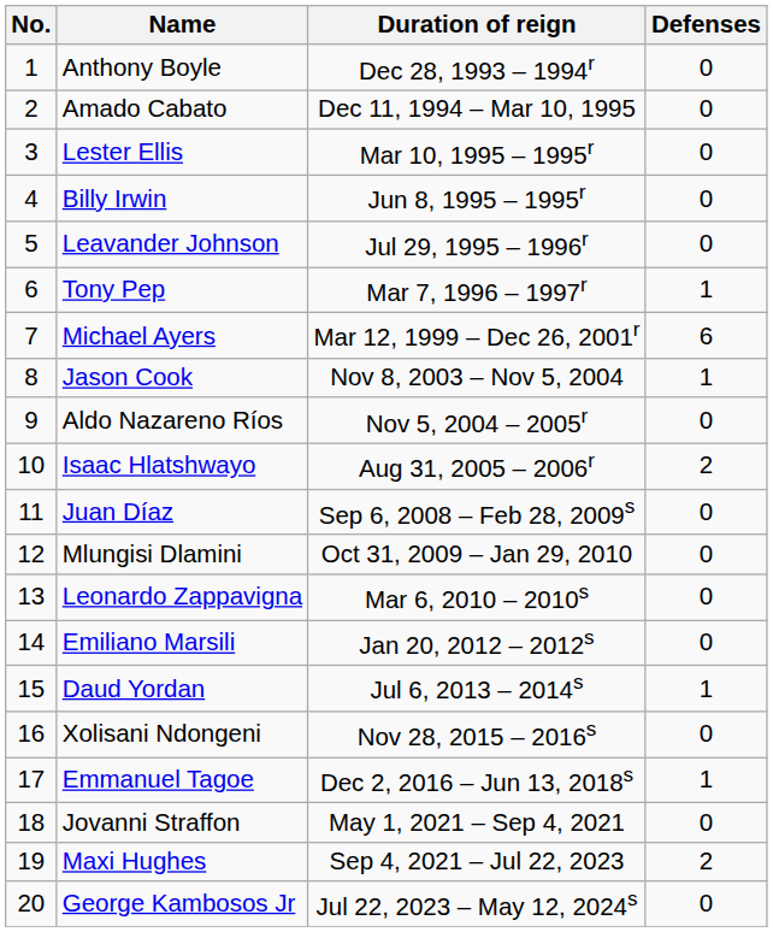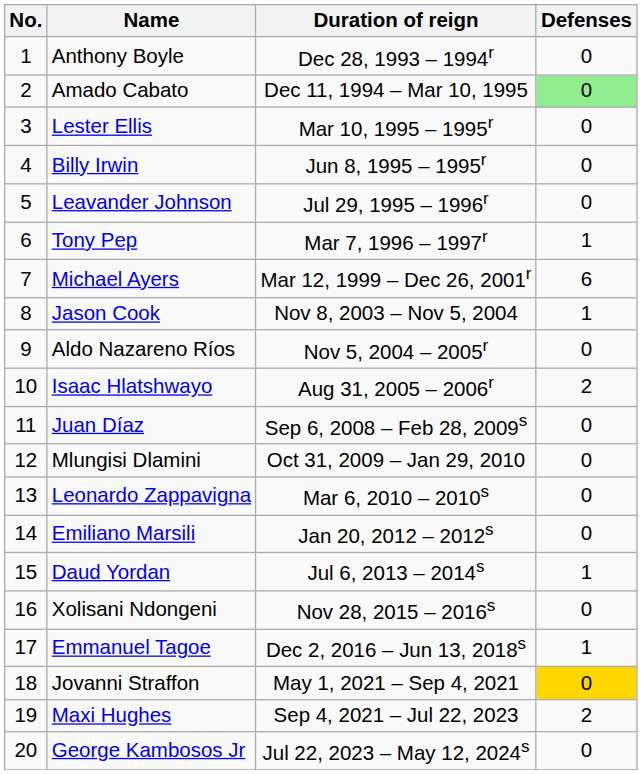 <table class="wikitable" style="text-align:center;">
 <tr>
 <th>No.</th>
 <th>Name</th>
 <th>Duration of reign</th>
 <th>Defenses</th>
 </tr>
 <tr>
 <td>1</td>
 <td align=left> Anthony Boyle</td>
 <td>Dec 28, 1993 – 1994<sup>r</sup></td>
 <td>0</td>
 </tr>
 <tr>
 <td>2</td>
 <td align=left> Amado Cabato</td>
 <td>Dec 11, 1994 – Mar 10, 1995</td>
-<td>0</td>
+<td style="background: lightgreen;">0</td>
 </tr>
 <tr>
 <td>3</td>
 <td align=left> <a href='#'>Lester Ellis</a></td>
 <td>Mar 10, 1995 – 1995<sup>r</sup></td>
 <td>0</td>
 </tr>
 <tr>
 <td>4</td>
 <td align=left> <a href='#'>Billy Irwin</a></td>
 <td>Jun 8, 1995 – 1995<sup>r</sup></td>
 <td>0</td>
 </tr>
 <tr>
 <td>5</td>
 <td align=left> <a href='#'>Leavander Johnson</a></td>
 <td>Jul 29, 1995 – 1996<sup>r</sup></td>
 <td>0</td>
 </tr>
 <tr>
 <td>6</td>
 <td align=left> <a href='#'>Tony Pep</a></td>
 <td>Mar 7, 1996 – 1997<sup>r</sup></td>
 <td>1</td>
 </tr>
 <tr>
 <td>7</td>
 <td align=left> <a href='#'>Michael Ayers</a></td>
 <td>Mar 12, 1999 – Dec 26, 2001<sup>r</sup></td>
 <td>6</td>
 </tr>
 <tr>
 <td>8</td>
 <td align=left> <a href='#'>Jason Cook</a></td>
 <td>Nov 8, 2003 – Nov 5, 2004</td>
 <td>1</td>
 </tr>
 <tr>
 <td>9</td>
 <td align=left> Aldo Nazareno Ríos</td>
 <td>Nov 5, 2004 – 2005<sup>r</sup></td>
 <td>0</td>
 </tr>
 <tr>
 <td>10</td>
 <td align=left> <a href='#'>Isaac Hlatshwayo</a></td>
 <td>Aug 31, 2005 – 2006<sup>r</sup></td>
 <td>2</td>
 </tr>
 <tr>
 <td>11</td>
 <td align=left> <a href='#'>Juan Díaz</a></td>
 <td>Sep 6, 2008 – Feb 28, 2009<sup>s</sup></td>
 <td>0</td>
 </tr>
 <tr>
 <td>12</td>
 <td align=left> Mlungisi Dlamini</td>
 <td>Oct 31, 2009 – Jan 29, 2010 </td>
 <td>0</td>
 </tr>
 <tr>
 <td>13</td>
 <td align=left> <a href='#'>Leonardo Zappavigna</a></td>
 <td>Mar 6, 2010 – 2010<sup>s</sup></td>
 <td>0</td>
 </tr>
 <tr>
 <td>14</td>
 <td align=left> <a href='#'>Emiliano Marsili</a></td>
 <td>Jan 20, 2012 – 2012<sup>s</sup></td>
 <td>0</td>
 </tr>
 <tr>
 <td>15</td>
 <td align=left> <a href='#'>Daud Yordan</a></td>
 <td>Jul 6, 2013 – 2014<sup>s</sup></td>
 <td>1</td>
 </tr>
 <tr>
 <td>16</td>
 <td align=left> Xolisani Ndongeni</td>
 <td>Nov 28, 2015 – 2016<sup>s</sup></td>
 <td>0</td>
 </tr>
 <tr>
 <td>17</td>
 <td align=left> <a href='#'>Emmanuel Tagoe</a></td>
 <td>Dec 2, 2016 – Jun 13, 2018<sup>s</sup></td>
 <td>1</td>
 </tr>
 <tr>
 <td>18</td>
 <td align=left> Jovanni Straffon</td>
 <td>May 1, 2021 – Sep 4, 2021</td>
-<td>0</td>
+<td style="background: gold;">0</td>
 </tr>
 <tr>
 <td>19</td>
 <td align=left> <a href='#'>Maxi Hughes</a></td>
 <td>Sep 4, 2021 – Jul 22, 2023</td>
 <td>2</td>
 </tr>
 <tr>
 <td>20</td>
 <td align=left> <a href='#'>George Kambosos Jr</a></td>
 <td>Jul 22, 2023 – May 12, 2024<sup>s</sup></td>
 <td>0</td>
 </tr>
 <tr>
 </tr>
 </table>
